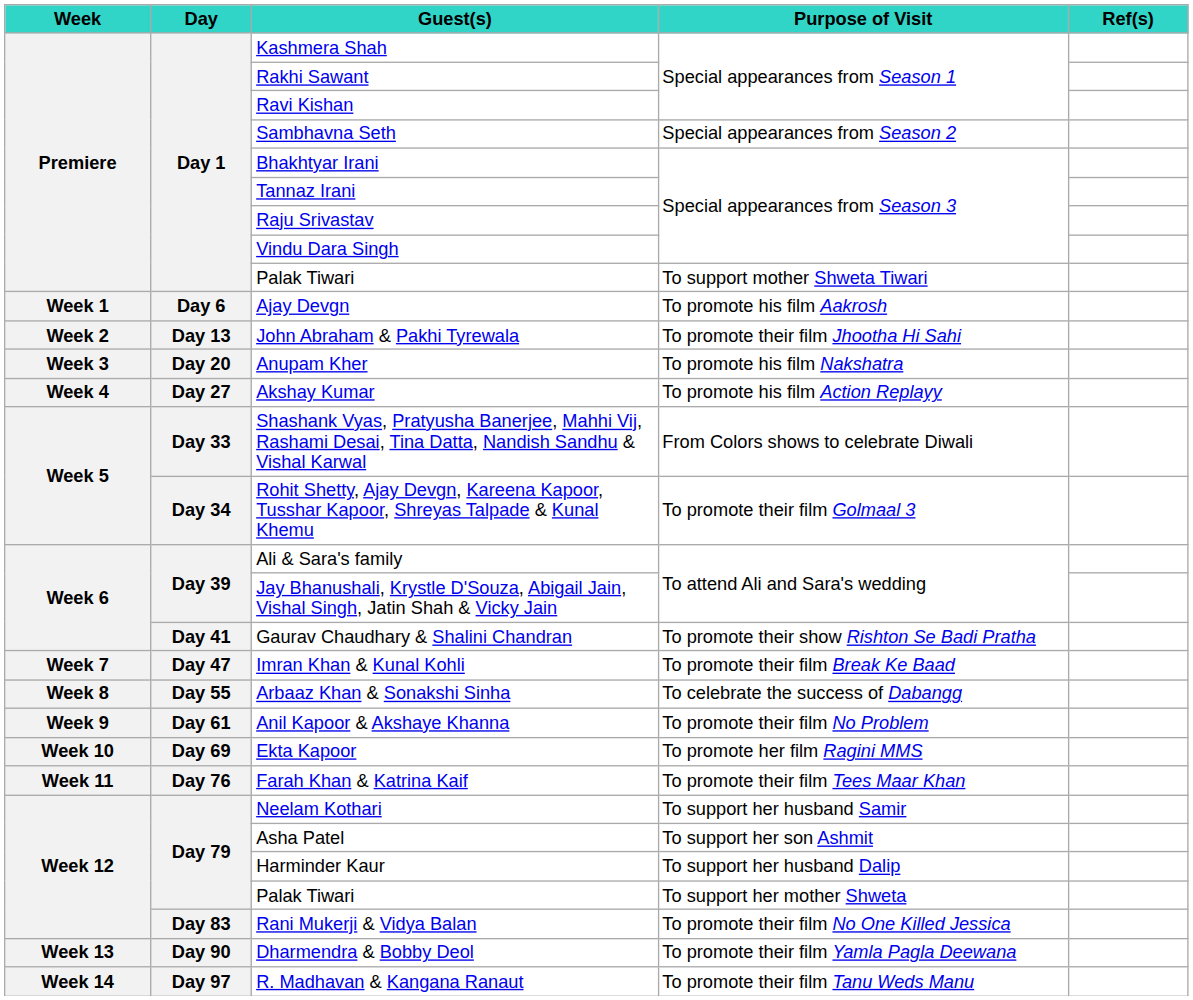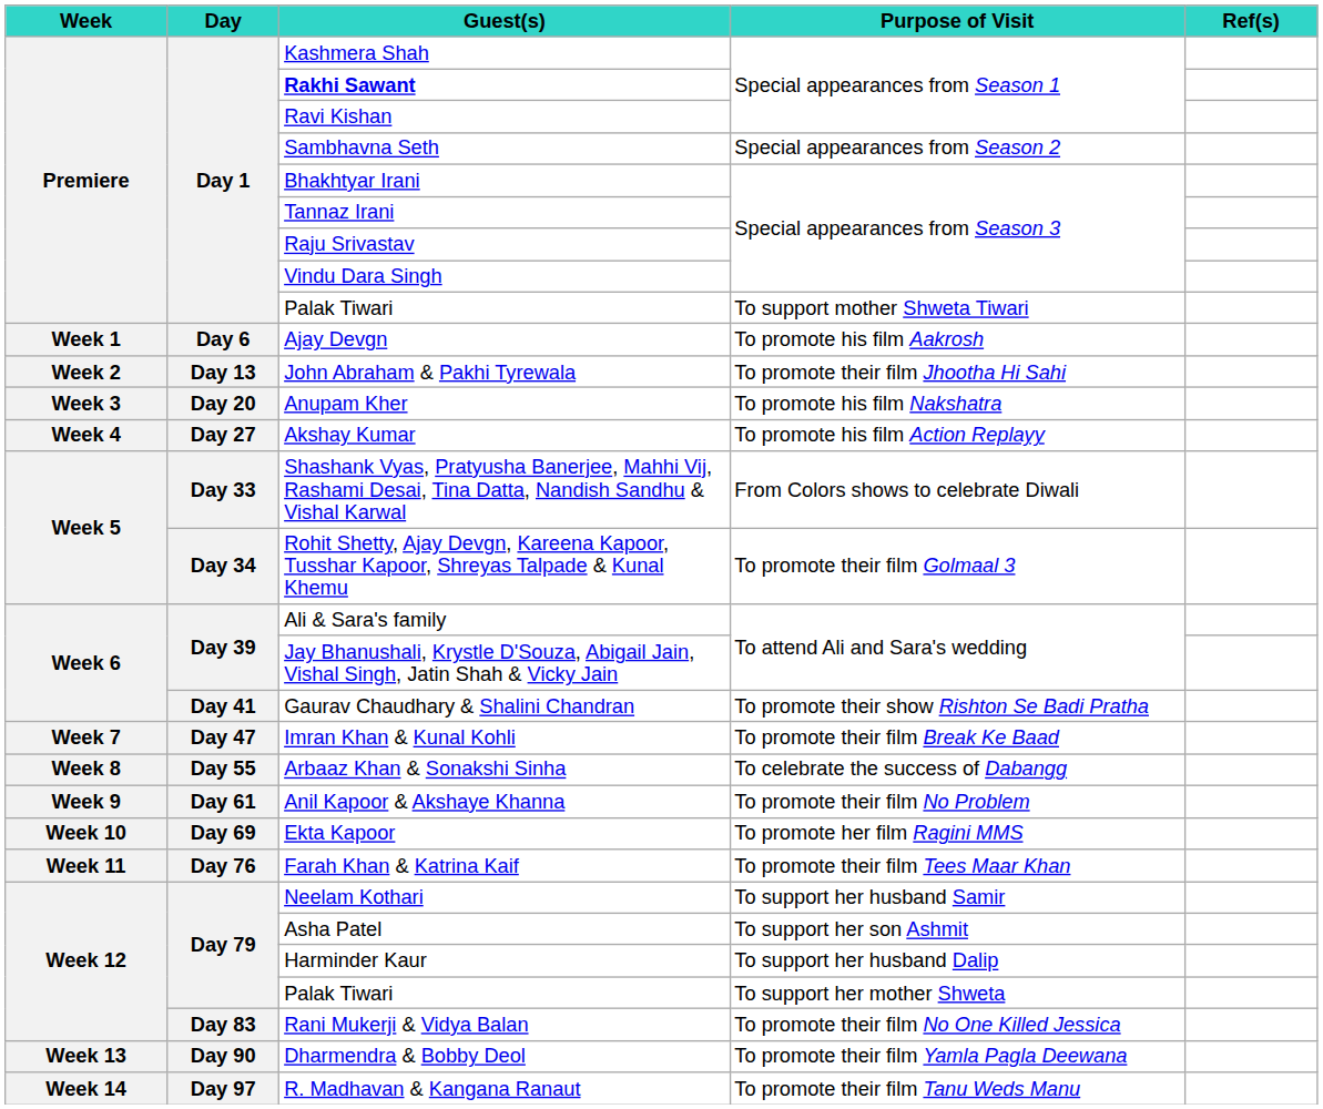 <table class="wikitable" style="margin: 1em 1em 1em 0;font-size:85%; background: white; width:100%;">
 <tr>
 <th style="background:#30D5C8; color:#000; width:1%;">Week</th>
 <th style="background:#30D5C8; color:#000; width:1%;">Day</th>
 <th style="background:#30D5C8; color:#000; width:5%;">Guest(s)</th>
 <th style="background:#30D5C8; color:#000; width:5%;">Purpose of Visit</th>
 <th style="background:#30D5C8; color:#000; width:1%;">Ref(s)</th>
 </tr>
 <tr>
 <th rowspan="9">Premiere</th>
 <th rowspan="9">Day 1</th>
 <td><a href='#'>Kashmera Shah</a></td>
 <td rowspan="3">Special appearances from <em><a href='#'>Season 1</a></em></td>
 <td></td>
 </tr>
 <tr>
-<td><a href='#'>Rakhi Sawant</a></td>
+<td><strong><a href='#'>Rakhi Sawant</a></strong></td>
 <td></td>
 </tr>
 <tr>
 <td><a href='#'>Ravi Kishan</a></td>
 <td></td>
 </tr>
 <tr>
 <td><a href='#'>Sambhavna Seth</a></td>
 <td>Special appearances from <em><a href='#'>Season 2</a></em></td>
 <td></td>
 </tr>
 <tr>
 <td><a href='#'>Bhakhtyar Irani</a></td>
 <td rowspan="4">Special appearances from <em><a href='#'>Season 3</a></em></td>
 <td></td>
 </tr>
 <tr>
 <td><a href='#'>Tannaz Irani</a></td>
 <td></td>
 </tr>
 <tr>
 <td><a href='#'>Raju Srivastav</a></td>
 <td></td>
 </tr>
 <tr>
 <td><a href='#'>Vindu Dara Singh</a></td>
 <td></td>
 </tr>
 <tr>
 <td>Palak Tiwari</td>
 <td>To support mother <a href='#'>Shweta Tiwari</a></td>
 <td></td>
 </tr>
 <tr>
 <th>Week 1</th>
 <th>Day 6</th>
 <td><a href='#'>Ajay Devgn</a></td>
 <td>To promote his film <em><a href='#'>Aakrosh</a></em></td>
 <td></td>
 </tr>
 <tr>
 <th>Week 2</th>
 <th>Day 13</th>
 <td><a href='#'>John Abraham</a> & <a href='#'>Pakhi Tyrewala</a></td>
 <td>To promote their film <em><a href='#'>Jhootha Hi Sahi</a></em></td>
 <td></td>
 </tr>
 <tr>
 <th>Week 3</th>
 <th>Day 20</th>
 <td><a href='#'>Anupam Kher</a></td>
 <td>To promote his film <em><a href='#'>Nakshatra</a></em></td>
 <td></td>
 </tr>
 <tr>
 <th>Week 4</th>
 <th>Day 27</th>
 <td><a href='#'>Akshay Kumar</a></td>
 <td>To promote his film <em><a href='#'>Action Replayy</a></em></td>
 <td></td>
 </tr>
 <tr>
 <th rowspan="2">Week 5</th>
 <th>Day 33</th>
 <td><a href='#'>Shashank Vyas</a>, <a href='#'>Pratyusha Banerjee</a>, <a href='#'>Mahhi Vij</a>, <a href='#'>Rashami Desai</a>, <a href='#'>Tina Datta</a>, <a href='#'>Nandish Sandhu</a> & <a href='#'>Vishal Karwal</a></td>
 <td>From Colors shows to celebrate Diwali</td>
 <td></td>
 </tr>
 <tr>
 <th>Day 34</th>
 <td><a href='#'>Rohit Shetty</a>, <a href='#'>Ajay Devgn</a>, <a href='#'>Kareena Kapoor</a>, <a href='#'>Tusshar Kapoor</a>, <a href='#'>Shreyas Talpade</a> & <a href='#'>Kunal Khemu</a></td>
 <td>To promote their film <em><a href='#'>Golmaal 3</a></em></td>
 <td></td>
 </tr>
 <tr>
 <th rowspan="3">Week 6</th>
 <th rowspan="2">Day 39</th>
 <td>Ali & Sara's family</td>
 <td rowspan="2">To attend Ali and Sara's wedding</td>
 <td></td>
 </tr>
 <tr>
 <td><a href='#'>Jay Bhanushali</a>, <a href='#'>Krystle D'Souza</a>, <a href='#'>Abigail Jain</a>, <a href='#'>Vishal Singh</a>, Jatin Shah & <a href='#'>Vicky Jain</a></td>
 <td></td>
 </tr>
 <tr>
 <th>Day 41</th>
 <td>Gaurav Chaudhary & <a href='#'>Shalini Chandran</a></td>
 <td>To promote their show <em><a href='#'>Rishton Se Badi Pratha</a></em></td>
 <td></td>
 </tr>
 <tr>
 <th>Week 7</th>
 <th>Day 47</th>
 <td><a href='#'>Imran Khan</a> & <a href='#'>Kunal Kohli</a></td>
 <td>To promote their film <em><a href='#'>Break Ke Baad</a></em></td>
 <td></td>
 </tr>
 <tr>
 <th>Week 8</th>
 <th>Day 55</th>
 <td><a href='#'>Arbaaz Khan</a> & <a href='#'>Sonakshi Sinha</a></td>
 <td>To celebrate the success of <em><a href='#'>Dabangg</a></em></td>
 <td></td>
 </tr>
 <tr>
 <th>Week 9</th>
 <th>Day 61</th>
 <td><a href='#'>Anil Kapoor</a> & <a href='#'>Akshaye Khanna</a></td>
 <td>To promote their film <em><a href='#'>No Problem</a></em></td>
 <td></td>
 </tr>
 <tr>
 <th>Week 10</th>
 <th>Day 69</th>
 <td><a href='#'>Ekta Kapoor</a></td>
 <td>To promote her film <em><a href='#'>Ragini MMS</a></em></td>
 <td></td>
 </tr>
 <tr>
 <th>Week 11</th>
 <th>Day 76</th>
 <td><a href='#'>Farah Khan</a> & <a href='#'>Katrina Kaif</a></td>
 <td>To promote their film <em><a href='#'>Tees Maar Khan</a></em></td>
 <td></td>
 </tr>
 <tr>
 <th rowspan="5">Week 12</th>
 <th rowspan="4">Day 79</th>
 <td><a href='#'>Neelam Kothari</a></td>
 <td>To support her husband <a href='#'>Samir</a></td>
 <td></td>
 </tr>
 <tr>
 <td>Asha Patel</td>
 <td>To support her son <a href='#'>Ashmit</a></td>
 <td></td>
 </tr>
 <tr>
 <td>Harminder Kaur</td>
 <td>To support her husband <a href='#'>Dalip</a></td>
 <td></td>
 </tr>
 <tr>
 <td>Palak Tiwari</td>
 <td>To support her mother <a href='#'>Shweta</a></td>
 <td></td>
 </tr>
 <tr>
 <th>Day 83</th>
 <td><a href='#'>Rani Mukerji</a> & <a href='#'>Vidya Balan</a></td>
 <td>To promote their film <em><a href='#'>No One Killed Jessica</a></em></td>
 <td></td>
 </tr>
 <tr>
 <th>Week 13</th>
 <th>Day 90</th>
 <td><a href='#'>Dharmendra</a> & <a href='#'>Bobby Deol</a></td>
 <td>To promote their film <em><a href='#'>Yamla Pagla Deewana</a></em></td>
 <td></td>
 </tr>
 <tr>
 <th>Week 14</th>
 <th>Day 97</th>
 <td><a href='#'>R. Madhavan</a> & <a href='#'>Kangana Ranaut</a></td>
 <td>To promote their film <em><a href='#'>Tanu Weds Manu</a></em></td>
 <td></td>
 </tr>
 </table>
